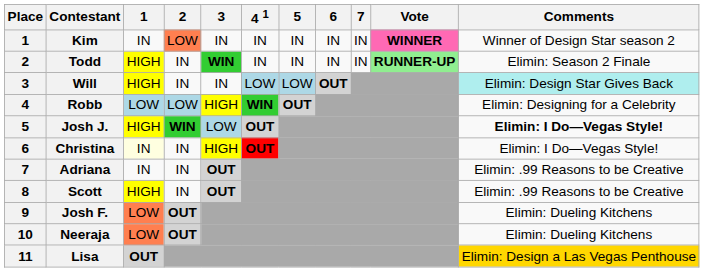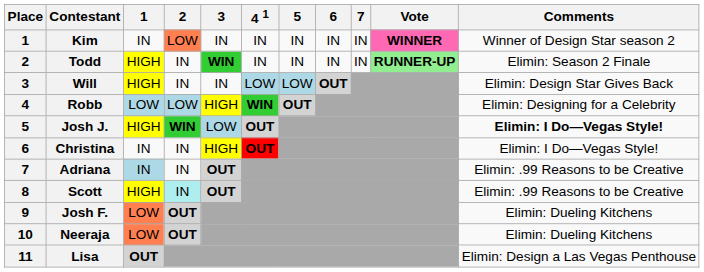 <table class="wikitable" style="text-align:center">
 <tr>
 <th>Place</th>
 <th>Contestant</th>
 <th>1</th>
 <th>2</th>
 <th>3</th>
 <th>4 <sup>1</sup></th>
 <th>5</th>
 <th>6</th>
 <th>7</th>
 <th>Vote</th>
 <th>Comments</th>
 </tr>
 <tr>
 <th>1</th>
 <th>Kim</th>
 <td>IN</td>
 <td style="background:coral;">LOW</td>
 <td>IN</td>
 <td>IN</td>
 <td>IN</td>
 <td>IN</td>
 <td>IN</td>
 <td style="background:hotpink;"><strong>WINNER</strong></td>
 <td>Winner of Design Star season 2</td>
 </tr>
 <tr>
 <th>2</th>
 <th>Todd</th>
 <td style="background:yellow;">HIGH</td>
 <td>IN</td>
 <td style="background:limegreen;"><strong>WIN</strong></td>
 <td>IN</td>
 <td>IN</td>
 <td>IN</td>
 <td>IN</td>
 <td style="background:lightgreen;"><strong>RUNNER-UP</strong></td>
 <td>Elimin: Season 2 Finale</td>
 </tr>
 <tr>
 <th>3</th>
 <th>Will</th>
 <td style="background:yellow;">HIGH</td>
 <td>IN</td>
 <td>IN</td>
 <td style="background:lightblue;">LOW</td>
 <td style="background:lightblue;">LOW</td>
 <td style="background:lightgrey;"><strong>OUT</strong></td>
 <td colspan=2 style="background:darkgray;"></td>
-<td style="background: paleturquoise;">Elimin: Design Star Gives Back</td>
+<td>Elimin: Design Star Gives Back</td>
 </tr>
 <tr>
 <th>4</th>
 <th>Robb</th>
 <td style="background:lightblue;">LOW</td>
 <td style="background:lightblue;">LOW</td>
 <td style="background:yellow;">HIGH</td>
 <td style="background:limegreen;"><strong>WIN</strong></td>
 <td style="background:lightgrey;"><strong>OUT</strong></td>
 <td colspan=3 style="background:darkgray;"></td>
 <td>Elimin: Designing for a Celebrity</td>
 </tr>
 <tr>
 <th>5</th>
 <th>Josh J.</th>
 <td style="background:yellow;">HIGH</td>
 <td style="background:limegreen;"><strong>WIN</strong></td>
 <td style="background:lightblue;">LOW</td>
 <td style="background:lightgrey;"><strong>OUT</strong></td>
 <td colspan=4 style="background:darkgray;"></td>
 <td><strong>Elimin: I Do—Vegas Style!</strong></td>
 </tr>
 <tr>
 <th>6</th>
 <th>Christina</th>
-<td style="background: lightyellow;">IN</td>
+<td>IN</td>
 <td>IN</td>
 <td style="background:yellow;">HIGH</td>
 <td colspan=1 style="background:red;"><strong>OUT</strong></td>
 <td colspan=4 style="background:darkgray;"></td>
 <td>Elimin: I Do—Vegas Style!</td>
 </tr>
 <tr>
 <th>7</th>
 <th>Adriana</th>
-<td>IN</td>
+<td style="background: lightblue;">IN</td>
 <td>IN</td>
 <td style="background:lightgrey;"><strong>OUT</strong></td>
 <td colspan=5 style="background:darkgray;"></td>
 <td>Elimin: .99 Reasons to be Creative</td>
 </tr>
 <tr>
 <th>8</th>
 <th>Scott</th>
 <td style="background:yellow;">HIGH</td>
-<td>IN</td>
+<td style="background: paleturquoise;">IN</td>
 <td style="background:lightgrey;"><strong>OUT</strong></td>
 <td colspan=5 style="background:darkgray;"></td>
 <td>Elimin: .99 Reasons to be Creative</td>
 </tr>
 <tr>
 <th>9</th>
 <th>Josh F.</th>
 <td style="background:coral;">LOW</td>
 <td style="background:lightgrey;"><strong>OUT</strong></td>
 <td colspan=6 style="background:darkgray;"></td>
 <td>Elimin: Dueling Kitchens</td>
 </tr>
 <tr>
 <th>10</th>
 <th>Neeraja</th>
 <td style="background:coral;">LOW</td>
 <td style="background:lightgrey;"><strong>OUT</strong></td>
 <td colspan=6 style="background:darkgray;"></td>
 <td>Elimin: Dueling Kitchens</td>
 </tr>
 <tr>
 <th>11</th>
 <th>Lisa</th>
 <td style="background:lightgrey;"><strong>OUT</strong></td>
 <td colspan=7 style="background:darkgray;"></td>
-<td style="background: gold;">Elimin: Design a Las Vegas Penthouse</td>
+<td>Elimin: Design a Las Vegas Penthouse</td>
 </tr>
 </table>
